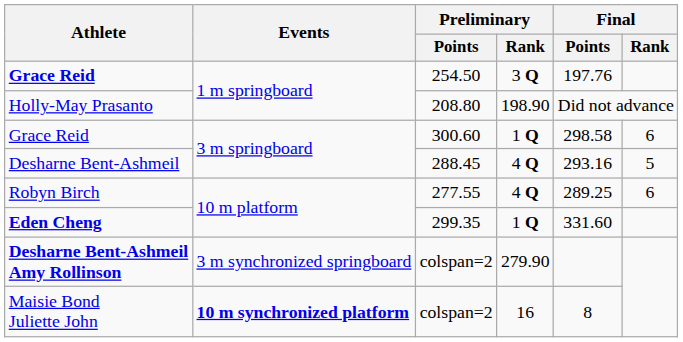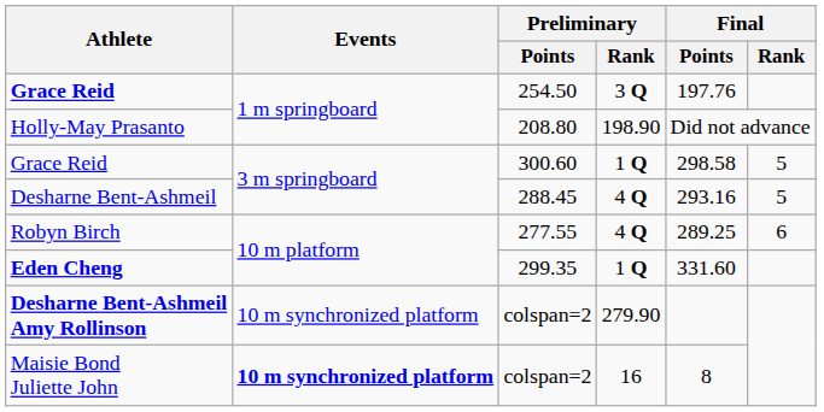 <table class=wikitable style=text-align:center;font-size:90%>
 <tr>
 <th rowspan=2>Athlete</th>
 <th rowspan=2>Events</th>
 <th colspan=2>Preliminary</th>
 <th colspan=2>Final</th>
 </tr>
 <tr style=font-size:95%>
 <th>Points</th>
 <th>Rank</th>
 <th>Points</th>
 <th>Rank</th>
 </tr>
 <tr>
 <td align=left><strong><a href='#'>Grace Reid</a></strong></td>
 <td align=left rowspan=2><a href='#'>1 m springboard</a></td>
 <td>254.50</td>
 <td>3 <strong>Q</strong></td>
 <td>197.76</td>
 <td></td>
 </tr>
 <tr>
 <td align=left><a href='#'>Holly-May Prasanto</a></td>
 <td>208.80</td>
 <td>198.90</td>
 <td colspan=2>Did not advance</td>
 </tr>
 <tr>
 <td align=left><a href='#'>Grace Reid</a></td>
 <td align=left rowspan=2><a href='#'>3 m springboard</a></td>
 <td>300.60</td>
 <td>1 <strong>Q</strong></td>
 <td>298.58</td>
-<td>6</td>
+<td>5</td>
 </tr>
 <tr>
 <td align=left><a href='#'>Desharne Bent-Ashmeil</a></td>
 <td>288.45</td>
 <td>4 <strong>Q</strong></td>
 <td>293.16</td>
 <td>5</td>
 </tr>
 <tr>
 <td align=left><a href='#'>Robyn Birch</a></td>
 <td align=left rowspan=2><a href='#'>10 m platform</a></td>
 <td>277.55</td>
 <td>4 <strong>Q</strong></td>
 <td>289.25</td>
 <td>6</td>
 </tr>
 <tr>
 <td align=left><strong><a href='#'>Eden Cheng</a></strong></td>
 <td>299.35</td>
 <td>1 <strong>Q</strong></td>
 <td>331.60</td>
 <td></td>
 </tr>
 <tr>
 <td align=left><strong><a href='#'>Desharne Bent-Ashmeil</a></strong><br><strong><a href='#'>Amy Rollinson</a></strong></td>
-<td align=left><a href='#'>3 m synchronized springboard</a></td>
+<td align=left><a href='#'>10 m synchronized platform</a></td>
 <td>colspan=2 </td>
 <td>279.90</td>
 <td></td>
 </tr>
 <tr>
 <td align=left><a href='#'>Maisie Bond</a><br><a href='#'>Juliette John</a></td>
 <td align=left><strong><a href='#'>10 m synchronized platform</a></strong></td>
 <td>colspan=2 </td>
 <td>16</td>
 <td>8</td>
 </tr>
 </table>
